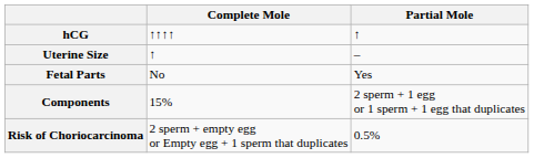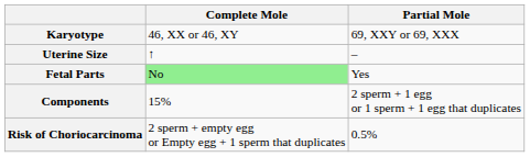 <table class="wikitable">
 <tr>
 <th></th>
 <th>Complete Mole</th>
 <th>Partial Mole</th>
 </tr>
 <tr>
-<th>hCG</th>
-<td>↑↑↑↑</td>
-<td>↑</td>
+<th>Karyotype</th>
+<td>46, XX or 46, XY</td>
+<td>69, XXY or 69, XXX</td>
 </tr>
 <tr>
 <th>Uterine Size</th>
 <td>↑</td>
 <td>–</td>
 </tr>
 <tr>
 <th>Fetal Parts</th>
-<td>No</td>
+<td style="background: lightgreen;">No</td>
 <td>Yes</td>
 </tr>
 <tr>
 <th>Components</th>
 <td>15%</td>
 <td>2 sperm + 1 egg<br>or 1 sperm + 1 egg that  duplicates</td>
 </tr>
 <tr>
 <th>Risk of Choriocarcinoma</th>
 <td>2 sperm + empty egg<br>or Empty egg + 1 sperm that duplicates</td>
 <td>0.5%</td>
 </tr>
 </table>
